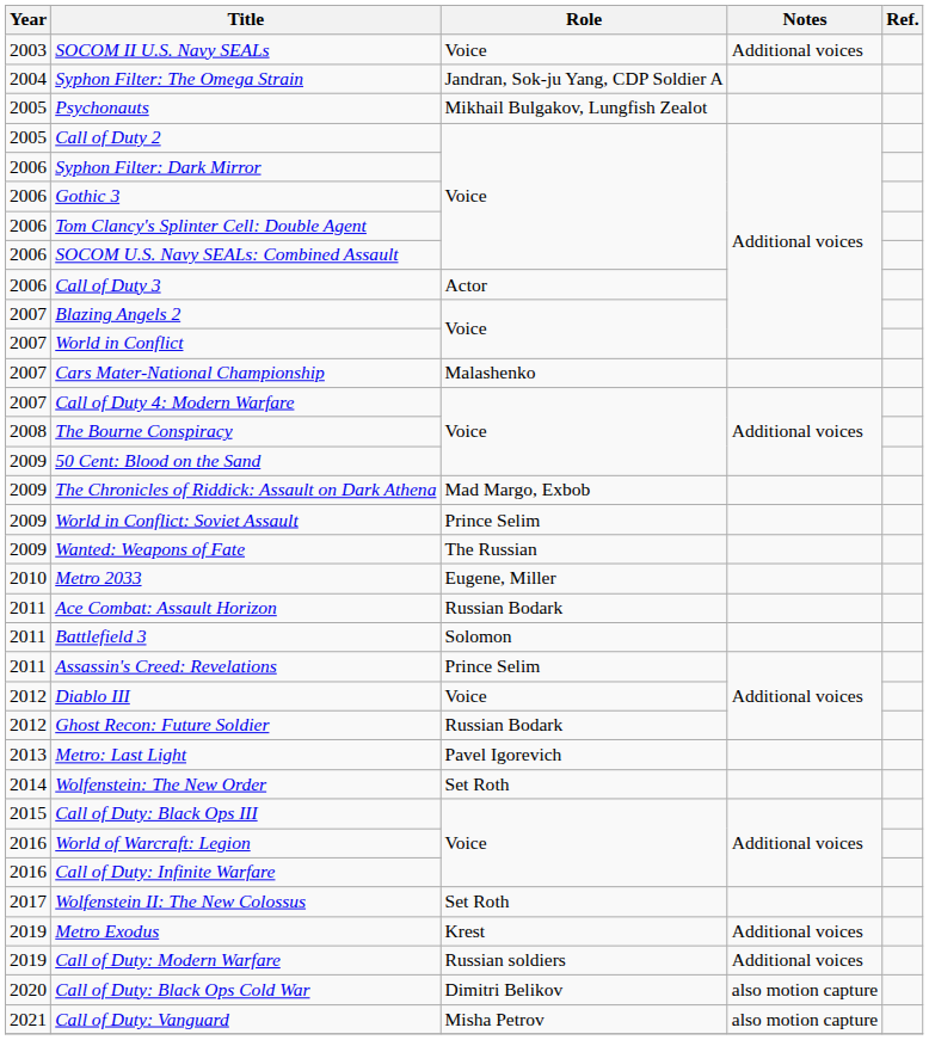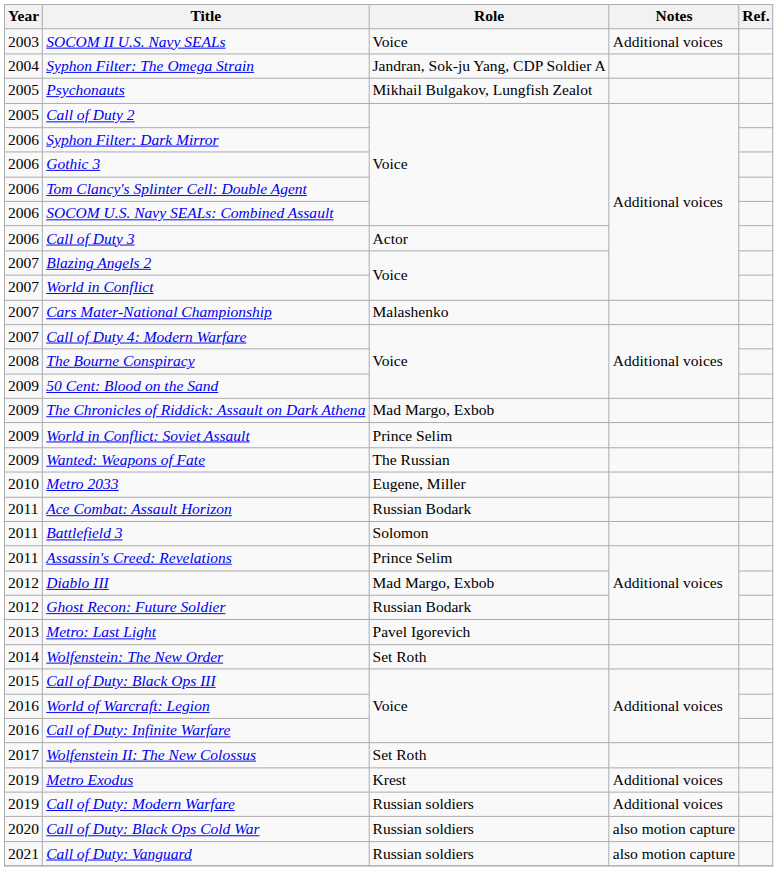 <table class="wikitable sortable">
 <tr>
 <th>Year</th>
 <th>Title</th>
 <th>Role</th>
 <th class="unsortable">Notes</th>
 <th>Ref.</th>
 </tr>
 <tr>
 <td>2003</td>
 <td><em><a href='#'>SOCOM II U.S. Navy SEALs</a></em></td>
 <td>Voice</td>
 <td>Additional voices</td>
 <td></td>
 </tr>
 <tr>
 <td>2004</td>
 <td><em><a href='#'>Syphon Filter: The Omega Strain</a></em></td>
 <td>Jandran, Sok-ju Yang, CDP Soldier A</td>
 <td></td>
 <td></td>
 </tr>
 <tr>
 <td>2005</td>
 <td><em><a href='#'>Psychonauts</a></em></td>
 <td>Mikhail Bulgakov, Lungfish Zealot</td>
 <td></td>
 <td></td>
 </tr>
 <tr>
 <td>2005</td>
 <td><em><a href='#'>Call of Duty 2</a></em></td>
 <td rowspan="5">Voice</td>
 <td rowspan="8">Additional voices</td>
 <td></td>
 </tr>
 <tr>
 <td>2006</td>
 <td><em><a href='#'>Syphon Filter: Dark Mirror</a></em></td>
 <td></td>
 </tr>
 <tr>
 <td>2006</td>
 <td><em><a href='#'>Gothic 3</a></em></td>
 <td></td>
 </tr>
 <tr>
 <td>2006</td>
 <td><em><a href='#'>Tom Clancy's Splinter Cell: Double Agent</a></em></td>
 <td></td>
 </tr>
 <tr>
 <td>2006</td>
 <td><em><a href='#'>SOCOM U.S. Navy SEALs: Combined Assault</a></em></td>
 <td></td>
 </tr>
 <tr>
 <td>2006</td>
 <td><em><a href='#'>Call of Duty 3</a></em></td>
 <td>Actor</td>
 <td></td>
 </tr>
 <tr>
 <td>2007</td>
 <td><em><a href='#'>Blazing Angels 2</a></em></td>
 <td rowspan="2">Voice</td>
 <td></td>
 </tr>
 <tr>
 <td>2007</td>
 <td><em><a href='#'>World in Conflict</a></em></td>
 <td></td>
 </tr>
 <tr>
 <td>2007</td>
 <td><em><a href='#'>Cars Mater-National Championship</a></em></td>
 <td>Malashenko</td>
 <td></td>
 <td></td>
 </tr>
 <tr>
 <td>2007</td>
 <td><em><a href='#'>Call of Duty 4: Modern Warfare </a></em></td>
 <td rowspan="3">Voice</td>
 <td rowspan="3">Additional voices</td>
 <td></td>
 </tr>
 <tr>
 <td>2008</td>
 <td><em><a href='#'>The Bourne Conspiracy</a></em></td>
 <td></td>
 </tr>
 <tr>
 <td>2009</td>
 <td><em><a href='#'>50 Cent: Blood on the Sand</a></em></td>
 <td></td>
 </tr>
 <tr>
 <td>2009</td>
 <td><em><a href='#'>The Chronicles of Riddick: Assault on Dark Athena</a></em></td>
 <td>Mad Margo, Exbob</td>
 <td></td>
 <td></td>
 </tr>
 <tr>
 <td>2009</td>
 <td><em><a href='#'>World in Conflict: Soviet Assault</a></em></td>
 <td>Prince Selim</td>
 <td></td>
 <td></td>
 </tr>
 <tr>
 <td>2009</td>
 <td><em><a href='#'>Wanted: Weapons of Fate </a></em></td>
 <td>The Russian</td>
 <td></td>
 <td></td>
 </tr>
 <tr>
 <td>2010</td>
 <td><em><a href='#'>Metro 2033</a></em></td>
 <td>Eugene, Miller</td>
 <td></td>
 <td></td>
 </tr>
 <tr>
 <td>2011</td>
 <td><em><a href='#'>Ace Combat: Assault Horizon</a></em></td>
 <td>Russian Bodark</td>
 <td></td>
 <td></td>
 </tr>
 <tr>
 <td>2011</td>
 <td><em><a href='#'>Battlefield 3</a></em></td>
 <td>Solomon</td>
 <td></td>
 <td></td>
 </tr>
 <tr>
 <td>2011</td>
 <td><em><a href='#'>Assassin's Creed: Revelations</a></em></td>
 <td>Prince Selim</td>
 <td rowspan="3">Additional voices</td>
 <td></td>
 </tr>
 <tr>
 <td>2012</td>
 <td><em><a href='#'>Diablo III</a></em></td>
-<td>Voice</td>
+<td>Mad Margo, Exbob</td>
 <td></td>
 </tr>
 <tr>
 <td>2012</td>
 <td><em><a href='#'>Ghost Recon: Future Soldier</a></em></td>
 <td>Russian Bodark</td>
 <td></td>
 </tr>
 <tr>
 <td>2013</td>
 <td><em><a href='#'>Metro: Last Light</a></em></td>
 <td>Pavel Igorevich</td>
 <td></td>
 <td></td>
 </tr>
 <tr>
 <td>2014</td>
 <td><em><a href='#'>Wolfenstein: The New Order</a></em></td>
 <td>Set Roth</td>
 <td></td>
 <td></td>
 </tr>
 <tr>
 <td>2015</td>
 <td><em><a href='#'>Call of Duty: Black Ops III</a></em></td>
 <td rowspan="3">Voice</td>
 <td rowspan="3">Additional voices</td>
 <td></td>
 </tr>
 <tr>
 <td>2016</td>
 <td><em><a href='#'>World of Warcraft: Legion</a></em></td>
 <td></td>
 </tr>
 <tr>
 <td>2016</td>
 <td><em><a href='#'>Call of Duty: Infinite Warfare</a></em></td>
 <td></td>
 </tr>
 <tr>
 <td>2017</td>
 <td><em><a href='#'>Wolfenstein II: The New Colossus</a></em></td>
 <td>Set Roth</td>
 <td></td>
 <td></td>
 </tr>
 <tr>
 <td>2019</td>
 <td><em><a href='#'>Metro Exodus</a></em></td>
 <td>Krest</td>
 <td>Additional voices</td>
 <td></td>
 </tr>
 <tr>
 <td>2019</td>
 <td><em><a href='#'>Call of Duty: Modern Warfare</a></em></td>
 <td>Russian soldiers</td>
 <td>Additional voices</td>
 <td></td>
 </tr>
 <tr>
 <td>2020</td>
 <td><em><a href='#'>Call of Duty: Black Ops Cold War</a></em></td>
-<td>Dimitri Belikov</td>
+<td>Russian soldiers</td>
 <td>also motion capture</td>
 <td></td>
 </tr>
 <tr>
 <td>2021</td>
 <td><em><a href='#'>Call of Duty: Vanguard</a></em></td>
-<td>Misha Petrov</td>
+<td>Russian soldiers</td>
 <td>also motion capture</td>
 <td></td>
 </tr>
 <tr>
 </tr>
 </table>
